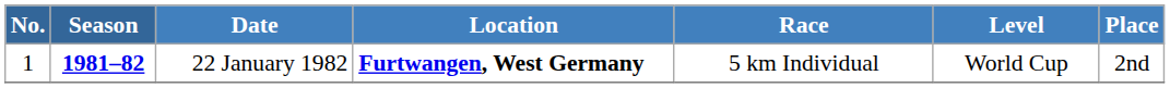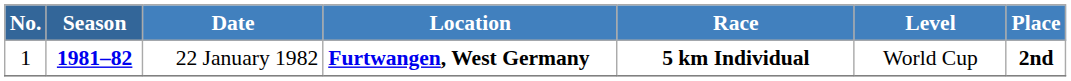 <table class="wikitable sortable" style="font-size:95%; text-align:center; border:grey solid 1px; border-collapse:collapse; background:#ffffff;">
 <tr style="background:#efefef;">
 <th style="background-color:#369; color:white;">No.</th>
 <th style="background-color:#369; color:white;">Season</th>
 <th style="background-color:#4180be; color:white; width:120px;">Date</th>
 <th style="background-color:#4180be; color:white; width:200px;">Location</th>
 <th style="background-color:#4180be; color:white; width:160px;">Race</th>
 <th style="background-color:#4180be; color:white; width:100px;">Level</th>
 <th style="background-color:#4180be; color:white;">Place</th>
 </tr>
 <tr>
 <td align=center>1</td>
 <td rowspan=1 align=center><strong> <a href='#'>1981–82</a> </strong></td>
 <td align=right>22 January 1982</td>
 <td align=left><strong> <a href='#'>Furtwangen</a>, West Germany</strong></td>
-<td>5 km Individual</td>
+<td><strong>5 km Individual</strong></td>
 <td>World Cup</td>
-<td>2nd</td>
+<td><strong>2nd</strong></td>
 </tr>
 <tr>
 </tr>
 </table>
